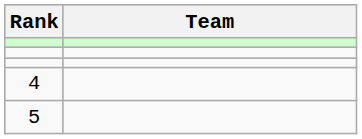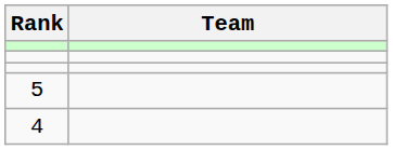 <table class=wikitable style="text-align:center;">
 <tr>
 <th>Rank</th>
 <th width=180>Team</th>
 </tr>
 <tr bgcolor=ccffcc>
 <td></td>
 <td align=left></td>
 </tr>
 <tr>
 <td></td>
 <td align=left></td>
 </tr>
 <tr>
 <td></td>
 <td align=left></td>
 </tr>
 <tr>
+<td>5</td>
+<td align=left></td>
+</tr>
+<tr>
 <td>4</td>
 <td align=left></td>
 </tr>
-<tr>
-<td>5</td>
-<td align=left></td>
-</tr>
 </table>
